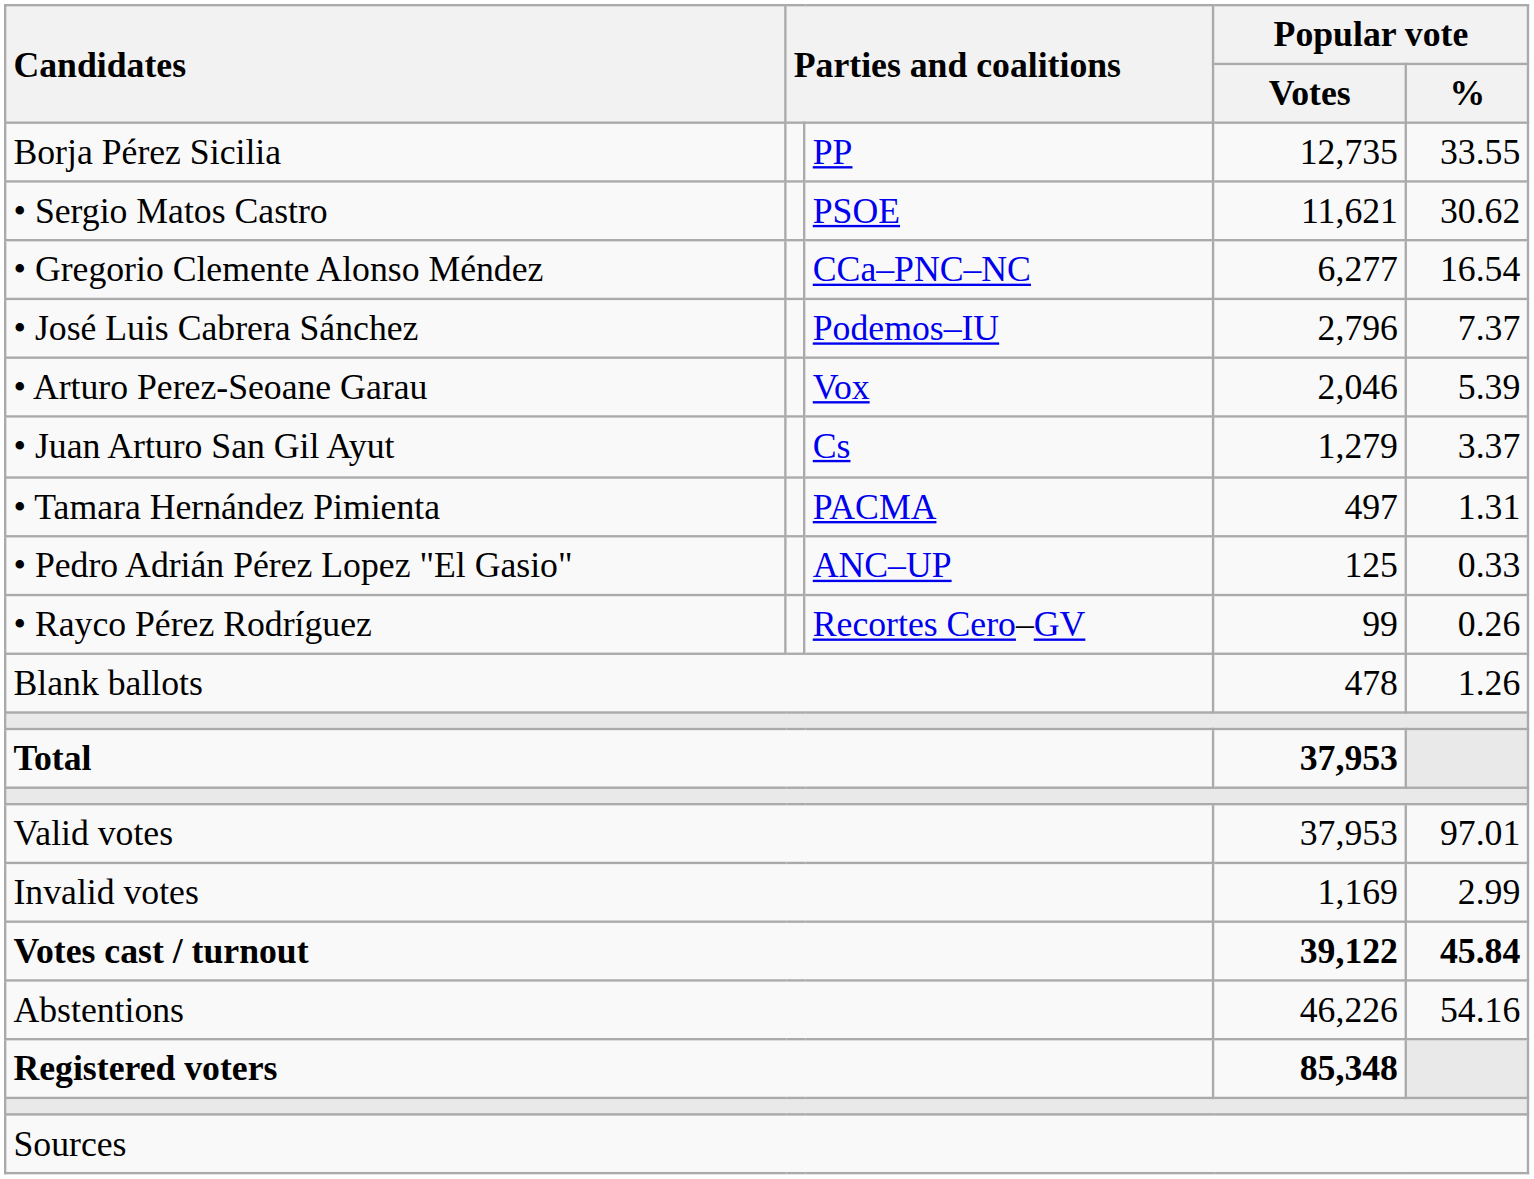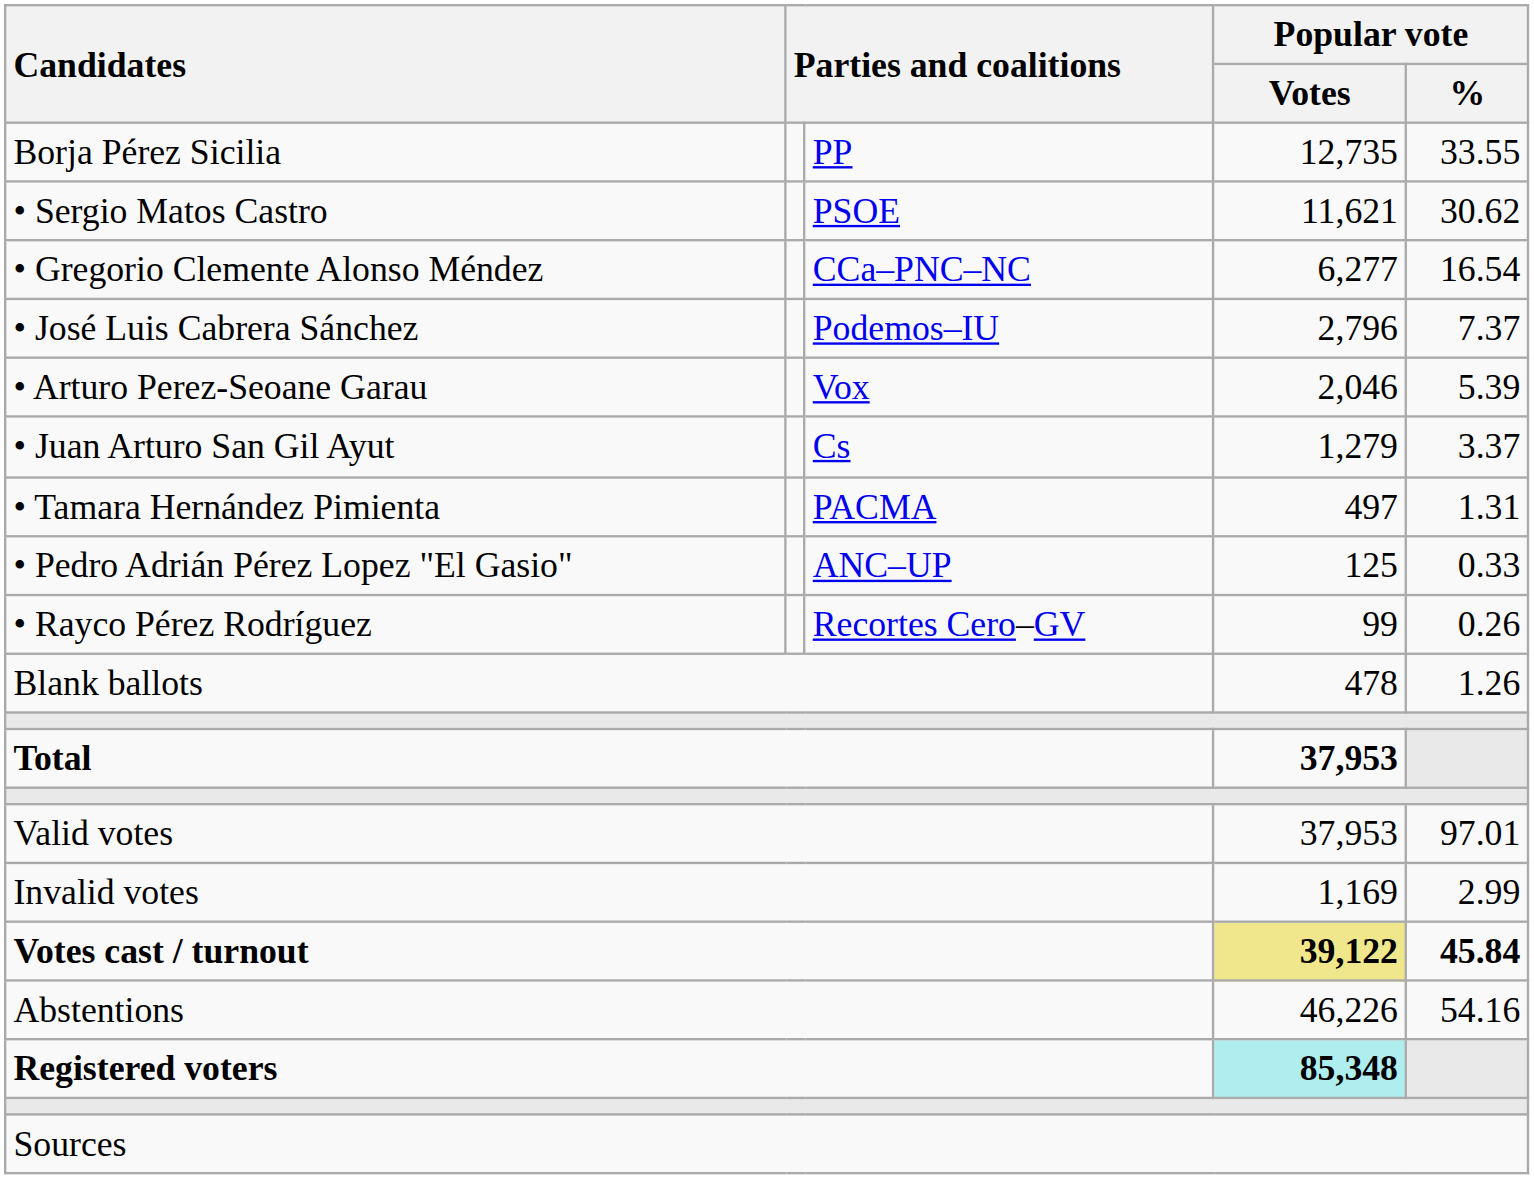 <table class="wikitable" style="text-align:right; font-size:95%;">
 <tr>
 <th style="text-align:left;" rowspan="2" width="325">Candidates</th>
 <th style="text-align:left;" rowspan="2" colspan="2" width="175">Parties and coalitions</th>
 <th colspan="2">Popular vote</th>
 </tr>
 <tr>
 <th width="75">Votes</th>
 <th width="45">%</th>
 </tr>
 <tr>
 <td align="left"> Borja Pérez Sicilia</td>
 <td width="1" style="color:inherit;background:"></td>
 <td align="left"><a href='#'>PP</a></td>
 <td>12,735</td>
 <td>33.55</td>
 </tr>
 <tr>
 <td align="left">• Sergio Matos Castro</td>
 <td style="color:inherit;background:"></td>
 <td align="left"><a href='#'>PSOE</a></td>
 <td>11,621</td>
 <td>30.62</td>
 </tr>
 <tr>
 <td align="left">• Gregorio Clemente Alonso Méndez</td>
 <td style="color:inherit;background:"></td>
 <td align="left"><a href='#'>CCa–PNC–NC</a></td>
 <td>6,277</td>
 <td>16.54</td>
 </tr>
 <tr>
 <td align="left">• José Luis Cabrera Sánchez</td>
 <td style="color:inherit;background:"></td>
 <td align="left"><a href='#'>Podemos–IU</a></td>
 <td>2,796</td>
 <td>7.37</td>
 </tr>
 <tr>
 <td align="left">• Arturo Perez-Seoane Garau</td>
 <td style="color:inherit;background:"></td>
 <td align="left"><a href='#'>Vox</a></td>
 <td>2,046</td>
 <td>5.39</td>
 </tr>
 <tr>
 <td align="left">• Juan Arturo San Gil Ayut</td>
 <td style="color:inherit;background:"></td>
 <td align="left"><a href='#'>Cs</a></td>
 <td>1,279</td>
 <td>3.37</td>
 </tr>
 <tr>
 <td align="left">• Tamara Hernández Pimienta</td>
 <td style="color:inherit;background:"></td>
 <td align="left"><a href='#'>PACMA</a></td>
 <td>497</td>
 <td>1.31</td>
 </tr>
 <tr>
 <td align="left">• Pedro Adrián Pérez Lopez "El Gasio"</td>
 <td style="color:inherit;background:"></td>
 <td align="left"><a href='#'>ANC–UP</a></td>
 <td>125</td>
 <td>0.33</td>
 </tr>
 <tr>
 <td align="left">• Rayco Pérez Rodríguez</td>
 <td style="color:inherit;background:"></td>
 <td align="left"><a href='#'>Recortes Cero</a>–<a href='#'>GV</a></td>
 <td>99</td>
 <td>0.26</td>
 </tr>
 <tr>
 <td align="left" colspan="3">Blank ballots</td>
 <td>478</td>
 <td>1.26</td>
 </tr>
 <tr>
 <td colspan="5" bgcolor="#E9E9E9"></td>
 </tr>
 <tr style="font-weight:bold;">
 <td align="left" colspan="3">Total</td>
 <td>37,953</td>
 <td bgcolor="#E9E9E9"></td>
 </tr>
 <tr>
 <td colspan="5" bgcolor="#E9E9E9"></td>
 </tr>
 <tr>
 <td align="left" colspan="3">Valid votes</td>
 <td>37,953</td>
 <td>97.01</td>
 </tr>
 <tr>
 <td align="left" colspan="3">Invalid votes</td>
 <td>1,169</td>
 <td>2.99</td>
 </tr>
 <tr style="font-weight:bold;">
 <td align="left" colspan="3">Votes cast / turnout</td>
-<td>39,122</td>
+<td style="background: khaki;">39,122</td>
 <td>45.84</td>
 </tr>
 <tr>
 <td align="left" colspan="3">Abstentions</td>
 <td>46,226</td>
 <td>54.16</td>
 </tr>
 <tr style="font-weight:bold;">
 <td align="left" colspan="3">Registered voters</td>
-<td>85,348</td>
+<td style="background: paleturquoise;">85,348</td>
 <td bgcolor="#E9E9E9"></td>
 </tr>
 <tr>
 <td colspan="5" bgcolor="#E9E9E9"></td>
 </tr>
 <tr>
 <td align="left" colspan="5">Sources</td>
 </tr>
 </table>
